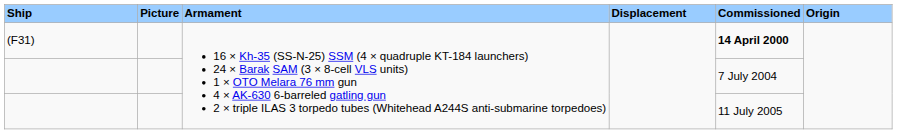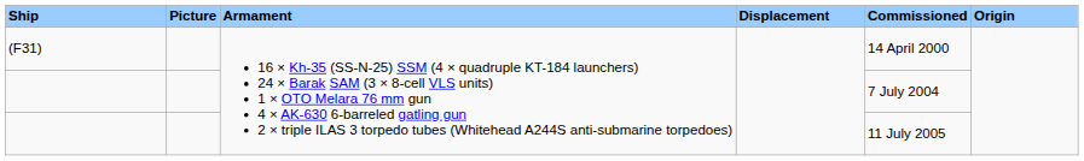 <table class="wikitable">
 <tr>
 <th align= center scope=col style="text-align:left; width:15%; background:#9cf;"><div>Ship</div></th>
 <th align= center scope=col style="text-align:left; background:#9cf;"><div>Picture</div></th>
 <th align= center scope=col style="text-align:left; background:#9cf;"><div>Armament</div></th>
 <th align= center scope=col style="text-align:left; width:12%; background:#9cf;"><div>Displacement</div></th>
 <th align= center scope=col style="text-align:center; background:#9cf;"><div>Commissioned</div></th>
 <th align= center scope=col style="text-align:left; width:10%; background:#9cf;"><div>Origin</div></th>
 </tr>
 <tr>
 <td> (F31)</td>
 <td></td>
 <td rowspan=3><br><ul><li>16 × <a href='#'>Kh-35</a> (SS-N-25) <a href='#'>SSM</a> (4 × quadruple KT-184 launchers)</li><li>24 × <a href='#'>Barak</a> <a href='#'>SAM</a> (3 × 8-cell <a href='#'>VLS</a> units)</li><li>1 × <a href='#'>OTO Melara 76 mm</a> gun</li><li>4 × <a href='#'>AK-630</a> 6-barreled  <a href='#'>gatling gun</a></li><li>2 × triple ILAS 3  torpedo tubes (Whitehead A244S anti-submarine torpedoes)</li></ul></td>
 <td rowspan=3></td>
-<td><strong>14 April 2000</strong></td>
+<td>14 April 2000</td>
 <td rowspan=3></td>
 </tr>
 <tr>
 <td></td>
 <td></td>
 <td>7 July 2004</td>
 </tr>
 <tr>
 <td></td>
 <td></td>
 <td>11 July 2005</td>
 </tr>
 </table>
